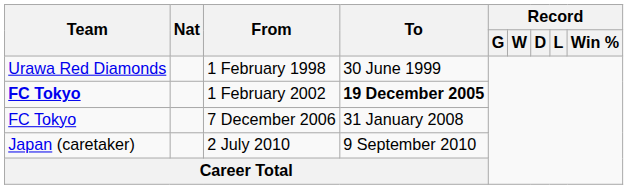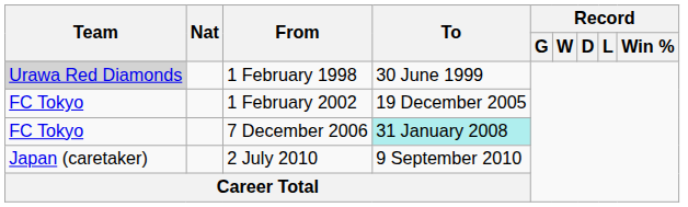 <table class="wikitable" style="text-align: center">
 <tr>
 <th rowspan="2">Team</th>
 <th rowspan="2">Nat</th>
 <th rowspan="2">From</th>
 <th rowspan="2">To</th>
 <th colspan="9">Record</th>
 </tr>
 <tr>
 <th>G</th>
 <th>W</th>
 <th>D</th>
 <th>L</th>
 <th>Win %</th>
 </tr>
 <tr>
-<td align=left><a href='#'>Urawa Red Diamonds</a></td>
+<td align=left style="background: lightgrey;"><a href='#'>Urawa Red Diamonds</a></td>
 <td></td>
 <td align=left>1 February 1998</td>
 <td align=left>30 June 1999<br></td>
 </tr>
 <tr>
-<td align=left><strong><a href='#'>FC Tokyo</a></strong></td>
+<td align=left><a href='#'>FC Tokyo</a></td>
 <td></td>
 <td align=left>1 February 2002</td>
-<td align=left><strong>19 December 2005<br></strong></td>
+<td align=left>19 December 2005<br></td>
 </tr>
 <tr>
 <td align=left><a href='#'>FC Tokyo</a></td>
 <td></td>
 <td align=left>7 December 2006</td>
-<td align=left>31 January 2008<br></td>
+<td align=left style="background: paleturquoise;">31 January 2008<br></td>
 </tr>
 <tr>
 <td align=left><a href='#'>Japan</a> (caretaker)</td>
 <td></td>
 <td align=left>2 July 2010</td>
 <td align=left>9 September 2010<br></td>
 </tr>
 <tr>
 <th colspan="4">Career Total<br></th>
 </tr>
 </table>
